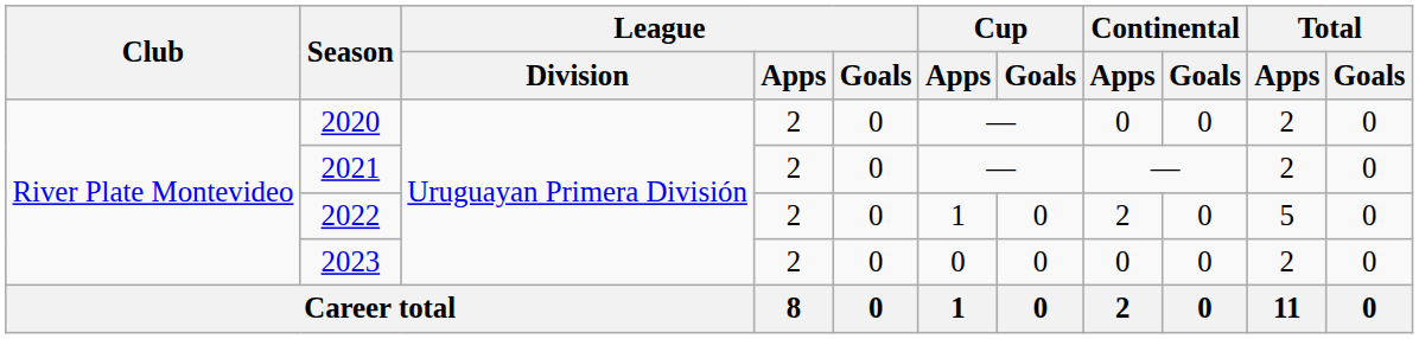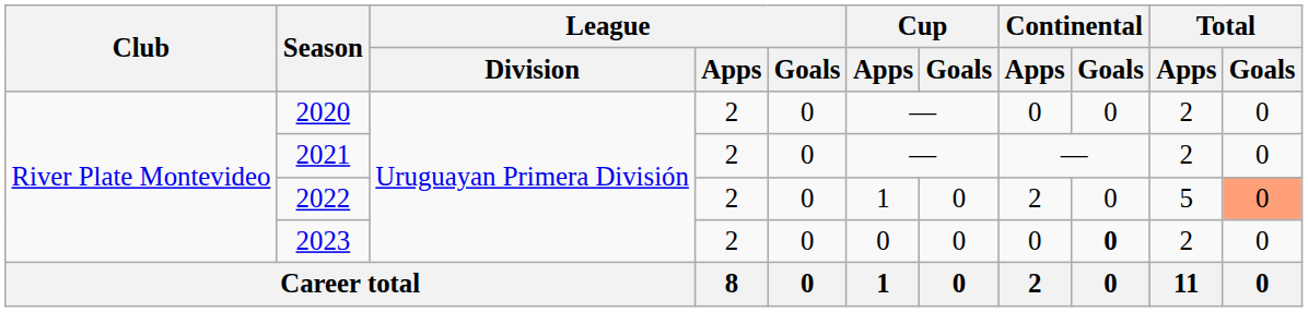 <table class="wikitable" Style="text-align: center">
 <tr>
 <th rowspan="2">Club</th>
 <th rowspan="2">Season</th>
 <th colspan="3">League</th>
 <th colspan="2">Cup</th>
 <th colspan="2">Continental</th>
 <th colspan="2">Total</th>
 </tr>
 <tr>
 <th>Division</th>
 <th>Apps</th>
 <th>Goals</th>
 <th>Apps</th>
 <th>Goals</th>
 <th>Apps</th>
 <th>Goals</th>
 <th>Apps</th>
 <th>Goals</th>
 </tr>
 <tr>
 <td rowspan="4"><a href='#'>River Plate Montevideo</a></td>
 <td><a href='#'>2020</a></td>
 <td rowspan="4"><a href='#'>Uruguayan Primera División</a></td>
 <td>2</td>
 <td>0</td>
 <td colspan="2">—</td>
 <td>0</td>
 <td>0</td>
 <td>2</td>
 <td>0</td>
 </tr>
 <tr>
 <td><a href='#'>2021</a></td>
 <td>2</td>
 <td>0</td>
 <td colspan="2">—</td>
 <td colspan="2">—</td>
 <td>2</td>
 <td>0</td>
 </tr>
 <tr>
 <td><a href='#'>2022</a></td>
 <td>2</td>
 <td>0</td>
 <td>1</td>
 <td>0</td>
 <td>2</td>
 <td>0</td>
 <td>5</td>
-<td>0</td>
+<td style="background: lightsalmon;">0</td>
 </tr>
 <tr>
 <td><a href='#'>2023</a></td>
 <td>2</td>
 <td>0</td>
 <td>0</td>
 <td>0</td>
 <td>0</td>
-<td>0</td>
+<td><strong>0</strong></td>
 <td>2</td>
 <td>0</td>
 </tr>
 <tr>
 <th colspan="3">Career total</th>
 <th>8</th>
 <th>0</th>
 <th>1</th>
 <th>0</th>
 <th>2</th>
 <th>0</th>
 <th>11</th>
 <th>0</th>
 </tr>
 </table>
